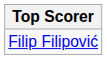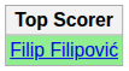 <table class=wikitable style="text-align:center; margin:auto">
 <tr>
 <th>Top Scorer</th>
 </tr>
 <tr>
-<td> <a href='#'>Filip Filipović</a></td>
+<td style="background: lightgreen;"> <a href='#'>Filip Filipović</a></td>
 </tr>
 </table>
